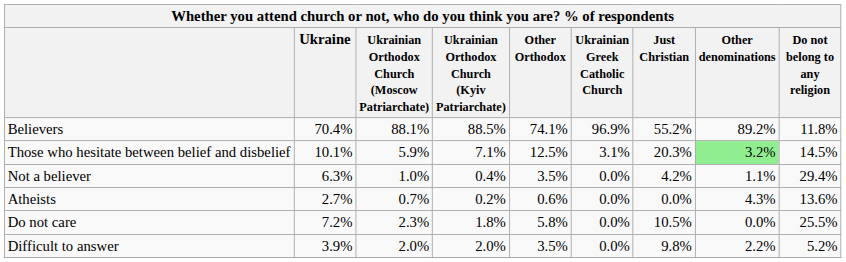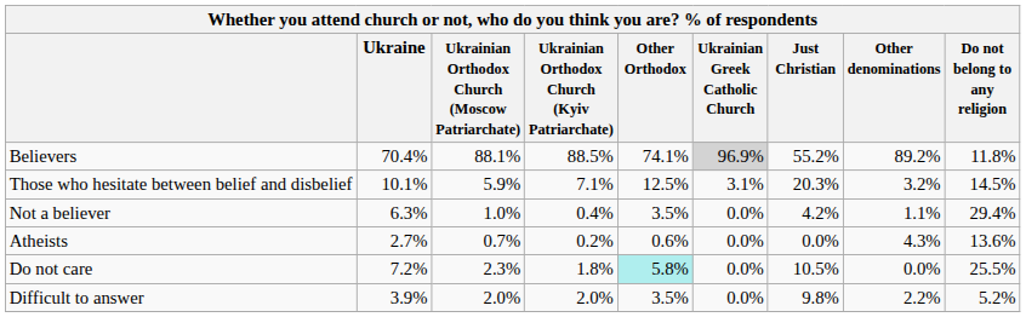 <table class="wikitable" style="margin:auto">
 <tr valign=top>
 <th colspan=10>Whether you attend church or not, who do you think you are? % of respondents</th>
 </tr>
 <tr valign=top>
 <th></th>
 <th width=60>Ukraine</th>
 <th width=60><small>Ukrainian Orthodox Church (Moscow Patriarchate)</small></th>
 <th width=60><small> Ukrainian Orthodox Church (Kyiv Patriarchate)</small></th>
 <th width=60><small> Other Orthodox</small></th>
 <th width=60><small> Ukrainian Greek Catholic Church</small></th>
 <th width=60><small> Just Christian</small></th>
 <th width=60><small>Other denominations</small></th>
 <th width=60><small>Do not belong to any religion</small></th>
 </tr>
 <tr valign=top>
 <td>Believers</td>
 <td align=right>70.4%</td>
 <td align=right>88.1%</td>
 <td align=right>88.5%</td>
 <td align=right>74.1%</td>
-<td align=right>96.9%</td>
+<td align=right style="background: lightgrey;">96.9%</td>
 <td align=right>55.2%</td>
 <td align=right>89.2%</td>
 <td align=right>11.8%</td>
 </tr>
 <tr valign=top>
 <td>Those who hesitate between belief and disbelief</td>
 <td align=right>10.1%</td>
 <td align=right>5.9%</td>
 <td align=right>7.1%</td>
 <td align=right>12.5%</td>
 <td align=right>3.1%</td>
 <td align=right>20.3%</td>
-<td align=right style="background: lightgreen;">3.2%</td>
+<td align=right>3.2%</td>
 <td align=right>14.5%</td>
 </tr>
 <tr valign=top>
 <td>Not a believer</td>
 <td align=right>6.3%</td>
 <td align=right>1.0%</td>
 <td align=right>0.4%</td>
 <td align=right>3.5%</td>
 <td align=right>0.0%</td>
 <td align=right>4.2%</td>
 <td align=right>1.1%</td>
 <td align=right>29.4%</td>
 </tr>
 <tr valign=top>
 <td>Atheists</td>
 <td align=right>2.7%</td>
 <td align=right>0.7%</td>
 <td align=right>0.2%</td>
 <td align=right>0.6%</td>
 <td align=right>0.0%</td>
 <td align=right>0.0%</td>
 <td align=right>4.3%</td>
 <td align=right>13.6%</td>
 </tr>
 <tr valign=top>
 <td>Do not care</td>
 <td align=right>7.2%</td>
 <td align=right>2.3%</td>
 <td align=right>1.8%</td>
-<td align=right>5.8%</td>
+<td align=right style="background: paleturquoise;">5.8%</td>
 <td align=right>0.0%</td>
 <td align=right>10.5%</td>
 <td align=right>0.0%</td>
 <td align=right>25.5%</td>
 </tr>
 <tr valign=top>
 <td>Difficult to answer</td>
 <td align=right>3.9%</td>
 <td align=right>2.0%</td>
 <td align=right>2.0%</td>
 <td align=right>3.5%</td>
 <td align=right>0.0%</td>
 <td align=right>9.8%</td>
 <td align=right>2.2%</td>
 <td align=right>5.2%</td>
 </tr>
 <tr>
 </tr>
 </table>
